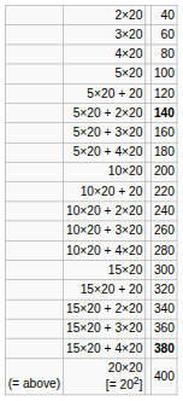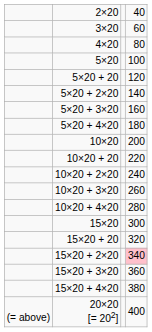 <table class=wikitable style="text-align:right;">
 <tr>
 <td align=left></td>
 <td>2×20</td>
 <td></td>
 <td>40</td>
 </tr>
 <tr>
 <td align=left></td>
 <td>3×20</td>
 <td></td>
 <td>60</td>
 </tr>
 <tr>
 <td align=left></td>
 <td>4×20</td>
 <td></td>
 <td>80</td>
 </tr>
 <tr>
 <td align=left></td>
 <td>5×20</td>
 <td></td>
 <td>100</td>
 </tr>
 <tr>
 <td align=left></td>
 <td>5×20 + 20</td>
 <td></td>
 <td>120</td>
 </tr>
 <tr>
 <td align=left></td>
 <td>5×20 + 2×20</td>
 <td></td>
-<td><strong>140</strong></td>
+<td>140</td>
 </tr>
 <tr>
 <td align=left></td>
 <td>5×20 + 3×20</td>
 <td></td>
 <td>160</td>
 </tr>
 <tr>
 <td align=left></td>
 <td>5×20 + 4×20</td>
 <td></td>
 <td>180</td>
 </tr>
 <tr>
 <td align=left></td>
 <td>10×20</td>
 <td></td>
 <td>200</td>
 </tr>
 <tr>
 <td align=left></td>
 <td>10×20 + 20</td>
 <td></td>
 <td>220</td>
 </tr>
 <tr>
 <td align=left></td>
 <td>10×20 + 2×20</td>
 <td></td>
 <td>240</td>
 </tr>
 <tr>
 <td align=left></td>
 <td>10×20 + 3×20</td>
 <td></td>
 <td>260</td>
 </tr>
 <tr>
 <td align=left></td>
 <td>10×20 + 4×20</td>
 <td></td>
 <td>280</td>
 </tr>
 <tr>
 <td align=left></td>
 <td>15×20</td>
 <td></td>
 <td>300</td>
 </tr>
 <tr>
 <td align=left></td>
 <td>15×20 + 20</td>
 <td></td>
 <td>320</td>
 </tr>
 <tr>
 <td align=left></td>
 <td>15×20 + 2×20</td>
 <td></td>
-<td>340</td>
+<td style="background: pink;">340</td>
 </tr>
 <tr>
 <td align=left></td>
 <td>15×20 + 3×20</td>
 <td></td>
 <td>360</td>
 </tr>
 <tr>
 <td align=left></td>
 <td>15×20 + 4×20</td>
 <td></td>
-<td><strong>380</strong></td>
+<td>380</td>
 </tr>
 <tr>
 <td align=left> <br>(=  above)</td>
 <td>20×20 <br>[= 20<sup>2</sup>]</td>
 <td></td>
 <td>400</td>
 </tr>
 </table>
